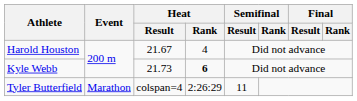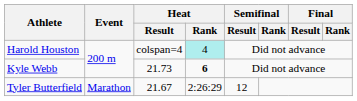 <table class="wikitable" style="font-size:90%">
 <tr>
 <th rowspan=2>Athlete</th>
 <th rowspan=2>Event</th>
 <th colspan=2>Heat</th>
 <th colspan=2>Semifinal</th>
 <th colspan=2>Final</th>
 </tr>
 <tr style="font-size:95%">
 <th>Result</th>
 <th>Rank</th>
 <th>Result</th>
 <th>Rank</th>
 <th>Result</th>
 <th>Rank</th>
 </tr>
 <tr align=center>
 <td align=left><a href='#'>Harold Houston</a></td>
 <td align=left rowspan=2><a href='#'>200 m</a></td>
-<td>21.67</td>
-<td>4</td>
+<td>colspan=4 </td>
+<td style="background: paleturquoise;">4</td>
 <td colspan=4>Did not advance</td>
 </tr>
 <tr align=center>
 <td align=left><a href='#'>Kyle Webb</a></td>
 <td>21.73</td>
 <td><strong>6</strong></td>
 <td colspan=4>Did not advance</td>
 </tr>
 <tr align=center>
 <td align=left><a href='#'>Tyler Butterfield</a></td>
 <td align=left><a href='#'>Marathon</a></td>
-<td>colspan=4 </td>
+<td>21.67</td>
 <td>2:26:29</td>
-<td>11</td>
+<td>12</td>
 </tr>
 </table>
